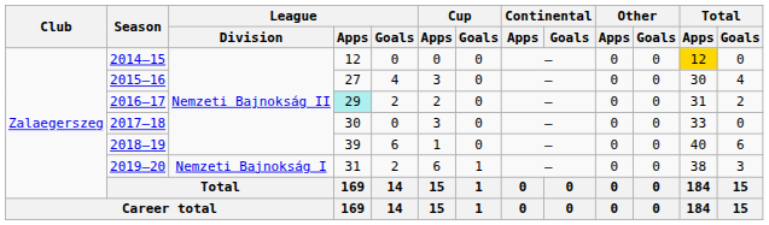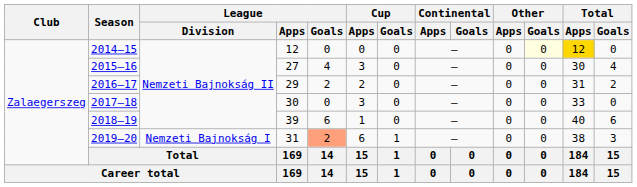 <table class="wikitable" style="text-align:center">
 <tr>
 <th rowspan="2">Club</th>
 <th rowspan="2">Season</th>
 <th colspan="3">League</th>
 <th colspan="2">Cup</th>
 <th colspan="2">Continental</th>
 <th colspan="2">Other</th>
 <th colspan="2">Total</th>
 </tr>
 <tr>
 <th>Division</th>
 <th>Apps</th>
 <th>Goals</th>
 <th>Apps</th>
 <th>Goals</th>
 <th>Apps</th>
 <th>Goals</th>
 <th>Apps</th>
 <th>Goals</th>
 <th>Apps</th>
 <th>Goals</th>
 </tr>
 <tr>
 <td rowspan="7"><a href='#'>Zalaegerszeg</a></td>
 <td><a href='#'>2014–15</a></td>
 <td rowspan="5"><a href='#'>Nemzeti Bajnokság II</a></td>
 <td>12</td>
 <td>0</td>
 <td>0</td>
 <td>0</td>
 <td colspan="2">—</td>
 <td>0</td>
-<td>0</td>
+<td style="background: lightyellow;">0</td>
 <td style="background: gold;">12</td>
 <td>0</td>
 </tr>
 <tr>
 <td><a href='#'>2015–16</a></td>
 <td>27</td>
 <td>4</td>
 <td>3</td>
 <td>0</td>
 <td colspan="2">—</td>
 <td>0</td>
 <td>0</td>
 <td>30</td>
 <td>4</td>
 </tr>
 <tr>
 <td><a href='#'>2016–17</a></td>
-<td style="background: paleturquoise;">29</td>
+<td>29</td>
 <td>2</td>
 <td>2</td>
 <td>0</td>
 <td colspan="2">—</td>
 <td>0</td>
 <td>0</td>
 <td>31</td>
 <td>2</td>
 </tr>
 <tr>
 <td><a href='#'>2017–18</a></td>
 <td>30</td>
 <td>0</td>
 <td>3</td>
 <td>0</td>
 <td colspan="2">—</td>
 <td>0</td>
 <td>0</td>
 <td>33</td>
 <td>0</td>
 </tr>
 <tr>
 <td><a href='#'>2018–19</a></td>
 <td>39</td>
 <td>6</td>
 <td>1</td>
 <td>0</td>
 <td colspan="2">—</td>
 <td>0</td>
 <td>0</td>
 <td>40</td>
 <td>6</td>
 </tr>
 <tr>
 <td><a href='#'>2019–20</a></td>
 <td><a href='#'>Nemzeti Bajnokság I</a></td>
 <td>31</td>
-<td>2</td>
+<td style="background: lightsalmon;">2</td>
 <td>6</td>
 <td>1</td>
 <td colspan="2">—</td>
 <td>0</td>
 <td>0</td>
 <td>38</td>
 <td>3</td>
 </tr>
 <tr>
 <th colspan="2">Total</th>
 <th>169</th>
 <th>14</th>
 <th>15</th>
 <th>1</th>
 <th>0</th>
 <th>0</th>
 <th>0</th>
 <th>0</th>
 <th>184</th>
 <th>15</th>
 </tr>
 <tr>
 <th colspan="3">Career total</th>
 <th>169</th>
 <th>14</th>
 <th>15</th>
 <th>1</th>
 <th>0</th>
 <th>0</th>
 <th>0</th>
 <th>0</th>
 <th>184</th>
 <th>15</th>
 </tr>
 </table>
